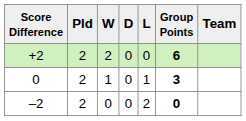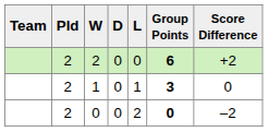 <table style=border-collapse:collapse border=1 cellspacing=0 cellpadding=5>
 <tr align=center bgcolor=#efefef>
-<th><small>Score<br>Difference</small></th>
+<th>Team</th>
 <th>Pld</th>
 <th>W</th>
 <th>D</th>
 <th>L</th>
 <th><small>Group<br>Points</small></th>
-<th>Team</th>
+<th><small>Score<br>Difference</small></th>
 </tr>
 <tr align=center style="background:#D0F0C0;">
-<td>+2</td>
+<td style="text-align:left;"> </td>
 <td>2</td>
 <td>2</td>
 <td>0</td>
 <td>0</td>
 <td><strong>6</strong></td>
-<td style="text-align:left;"> </td>
+<td>+2</td>
 </tr>
 <tr align=center style="background:#ffffff;">
-<td>0</td>
+<td style="text-align:left;"> </td>
 <td>2</td>
 <td>1</td>
 <td>0</td>
 <td>1</td>
 <td><strong>3</strong></td>
-<td style="text-align:left;"> </td>
+<td>0</td>
 </tr>
 <tr align=center style="background:#ffffff;">
-<td>–2</td>
+<td style="text-align:left;"> </td>
 <td>2</td>
 <td>0</td>
 <td>0</td>
 <td>2</td>
 <td><strong>0</strong></td>
-<td style="text-align:left;"> </td>
+<td>–2</td>
 </tr>
 </table>
